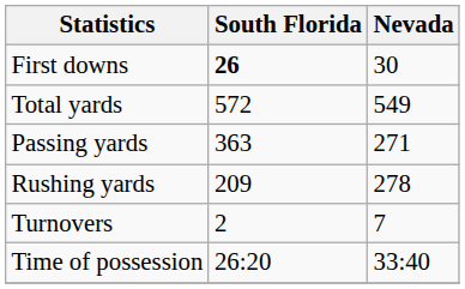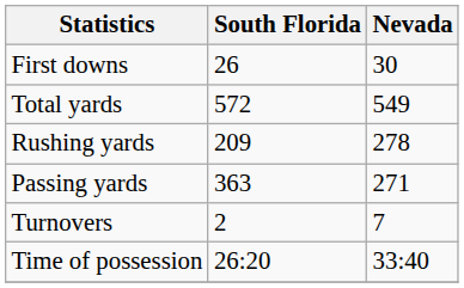 <table class="wikitable">
 <tr>
 <th>Statistics</th>
 <th>South Florida</th>
 <th>Nevada</th>
 </tr>
 <tr>
 <td>First downs</td>
-<td><strong>26</strong></td>
+<td>26</td>
 <td>30</td>
 </tr>
 <tr>
 <td>Total yards</td>
 <td>572</td>
 <td>549</td>
 </tr>
 <tr>
+<td>Rushing yards</td>
+<td>209</td>
+<td>278</td>
+</tr>
+<tr>
 <td>Passing yards</td>
 <td>363</td>
 <td>271</td>
-</tr>
-<tr>
-<td>Rushing yards</td>
-<td>209</td>
-<td>278</td>
 </tr>
 <tr>
 <td>Turnovers</td>
 <td>2</td>
 <td>7</td>
 </tr>
 <tr>
 <td>Time of possession</td>
 <td>26:20</td>
 <td>33:40</td>
 </tr>
 <tr>
 </tr>
 </table>
